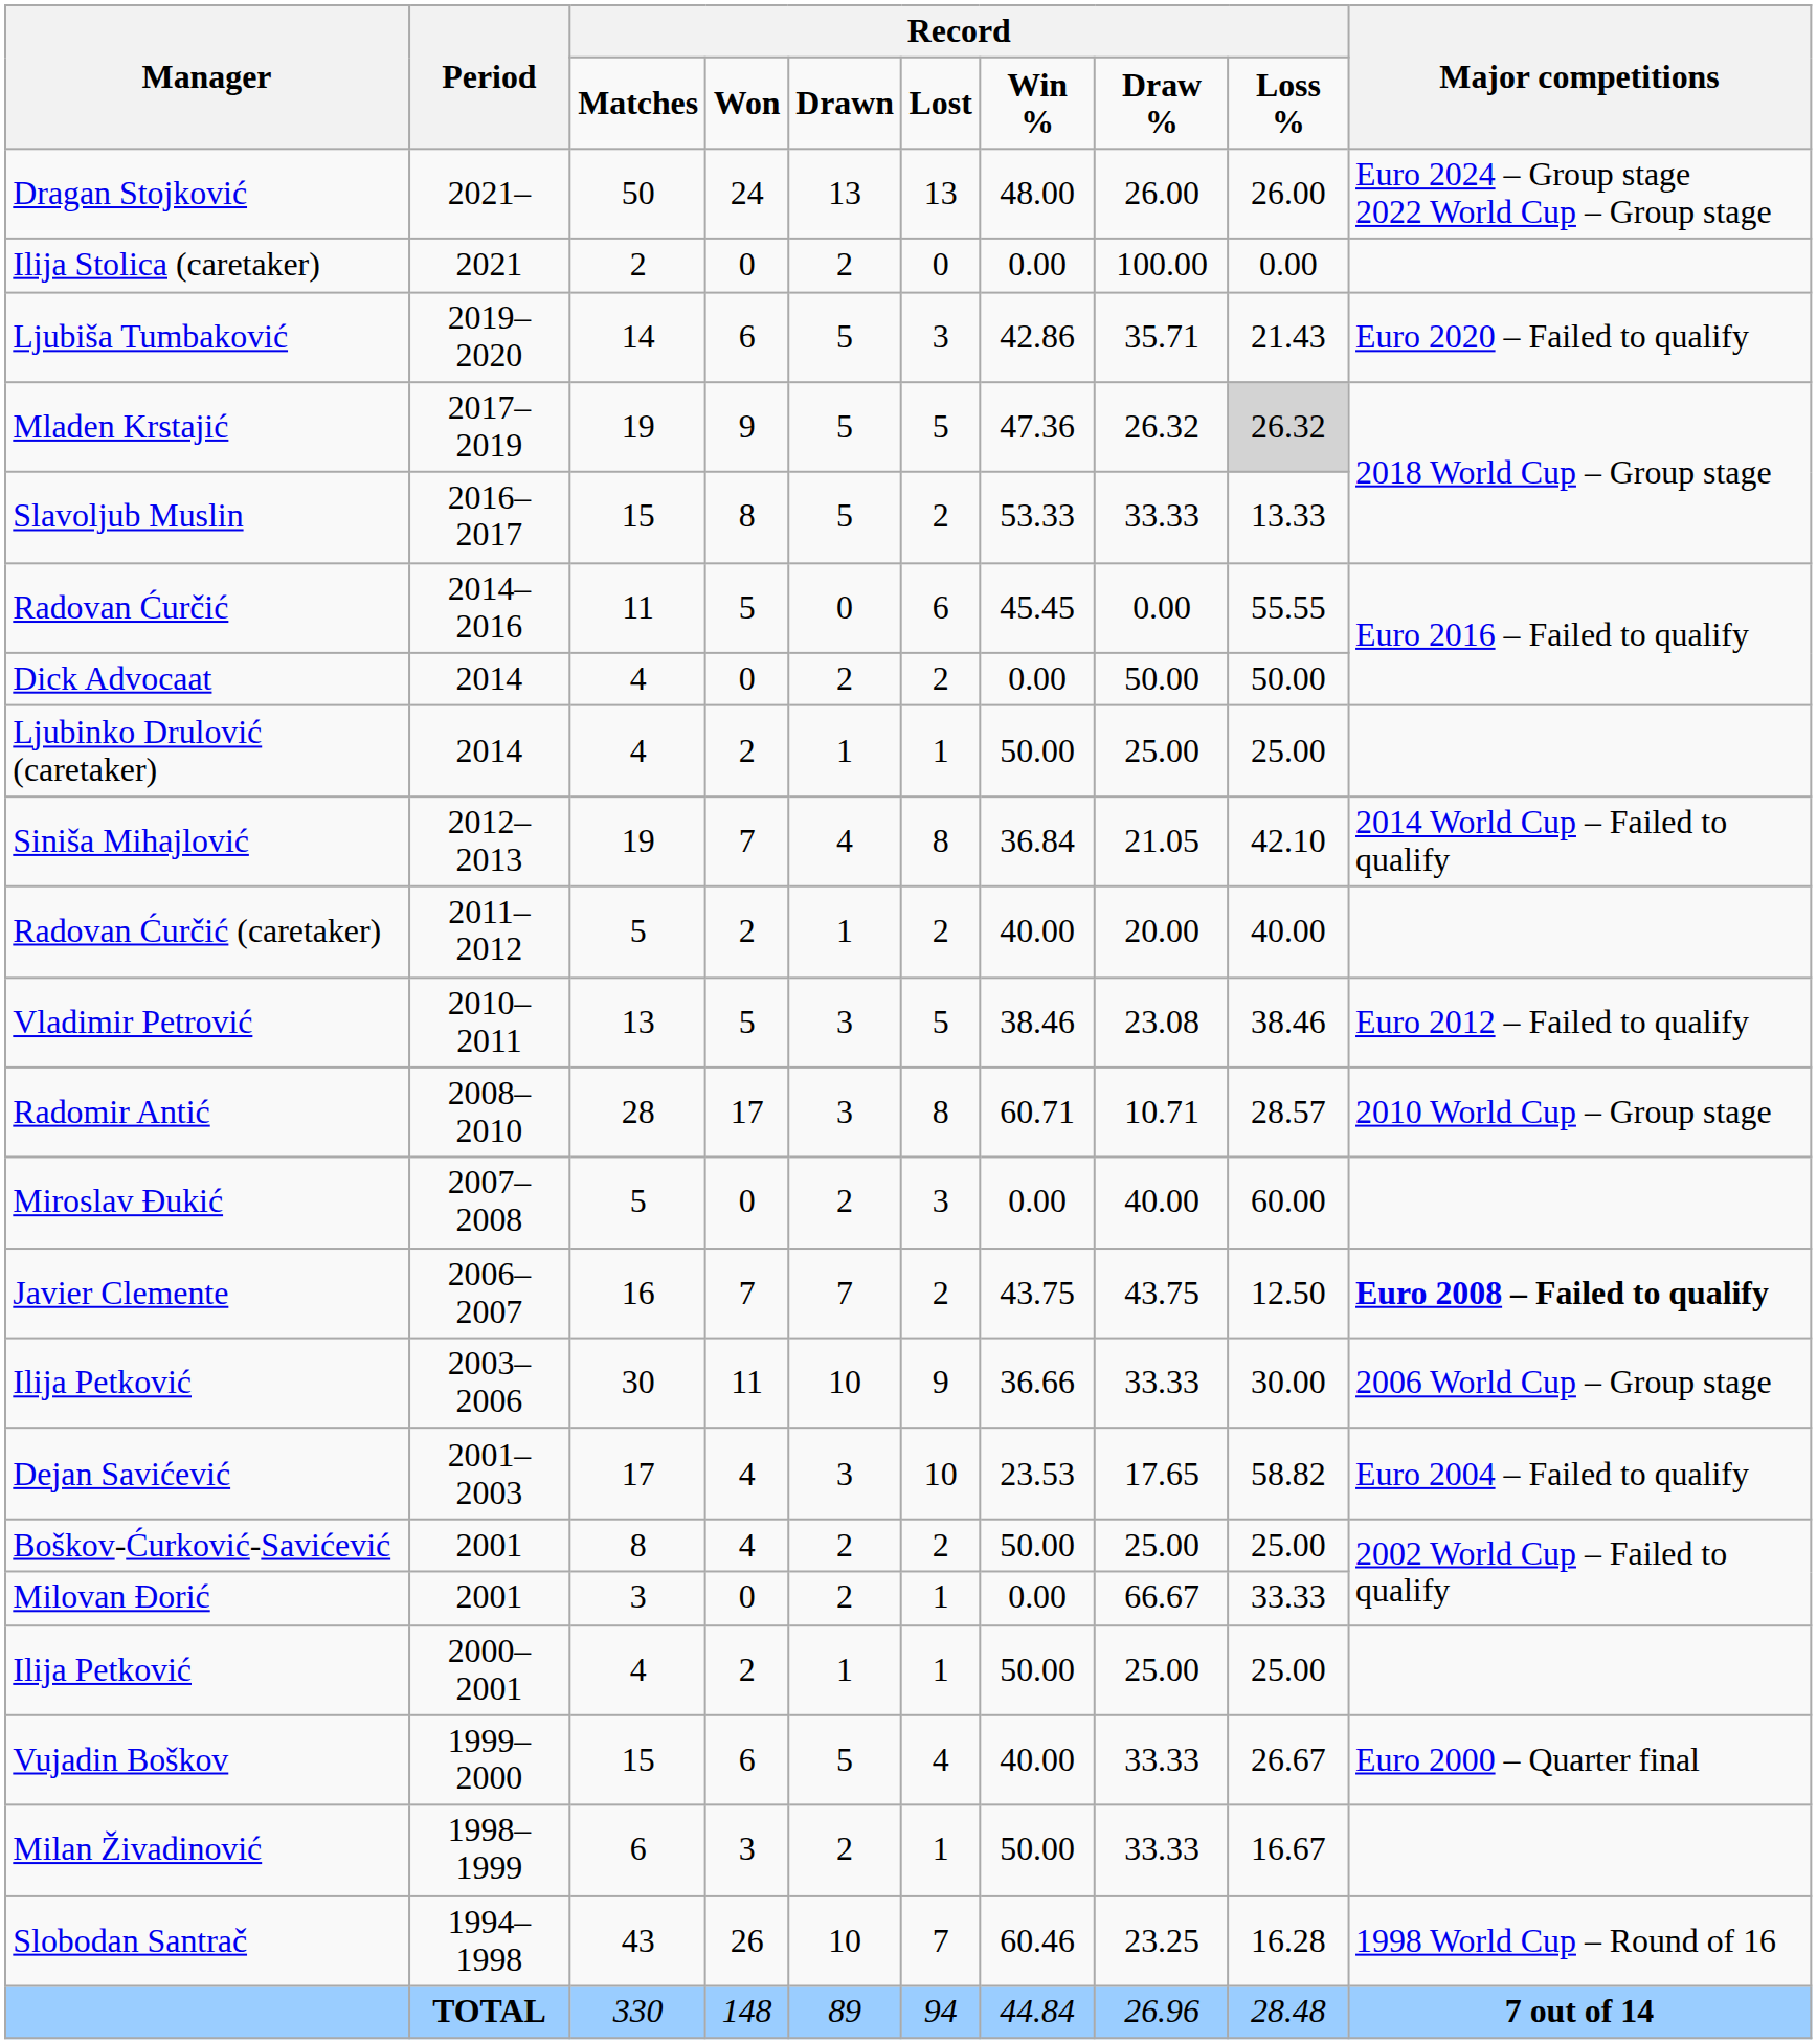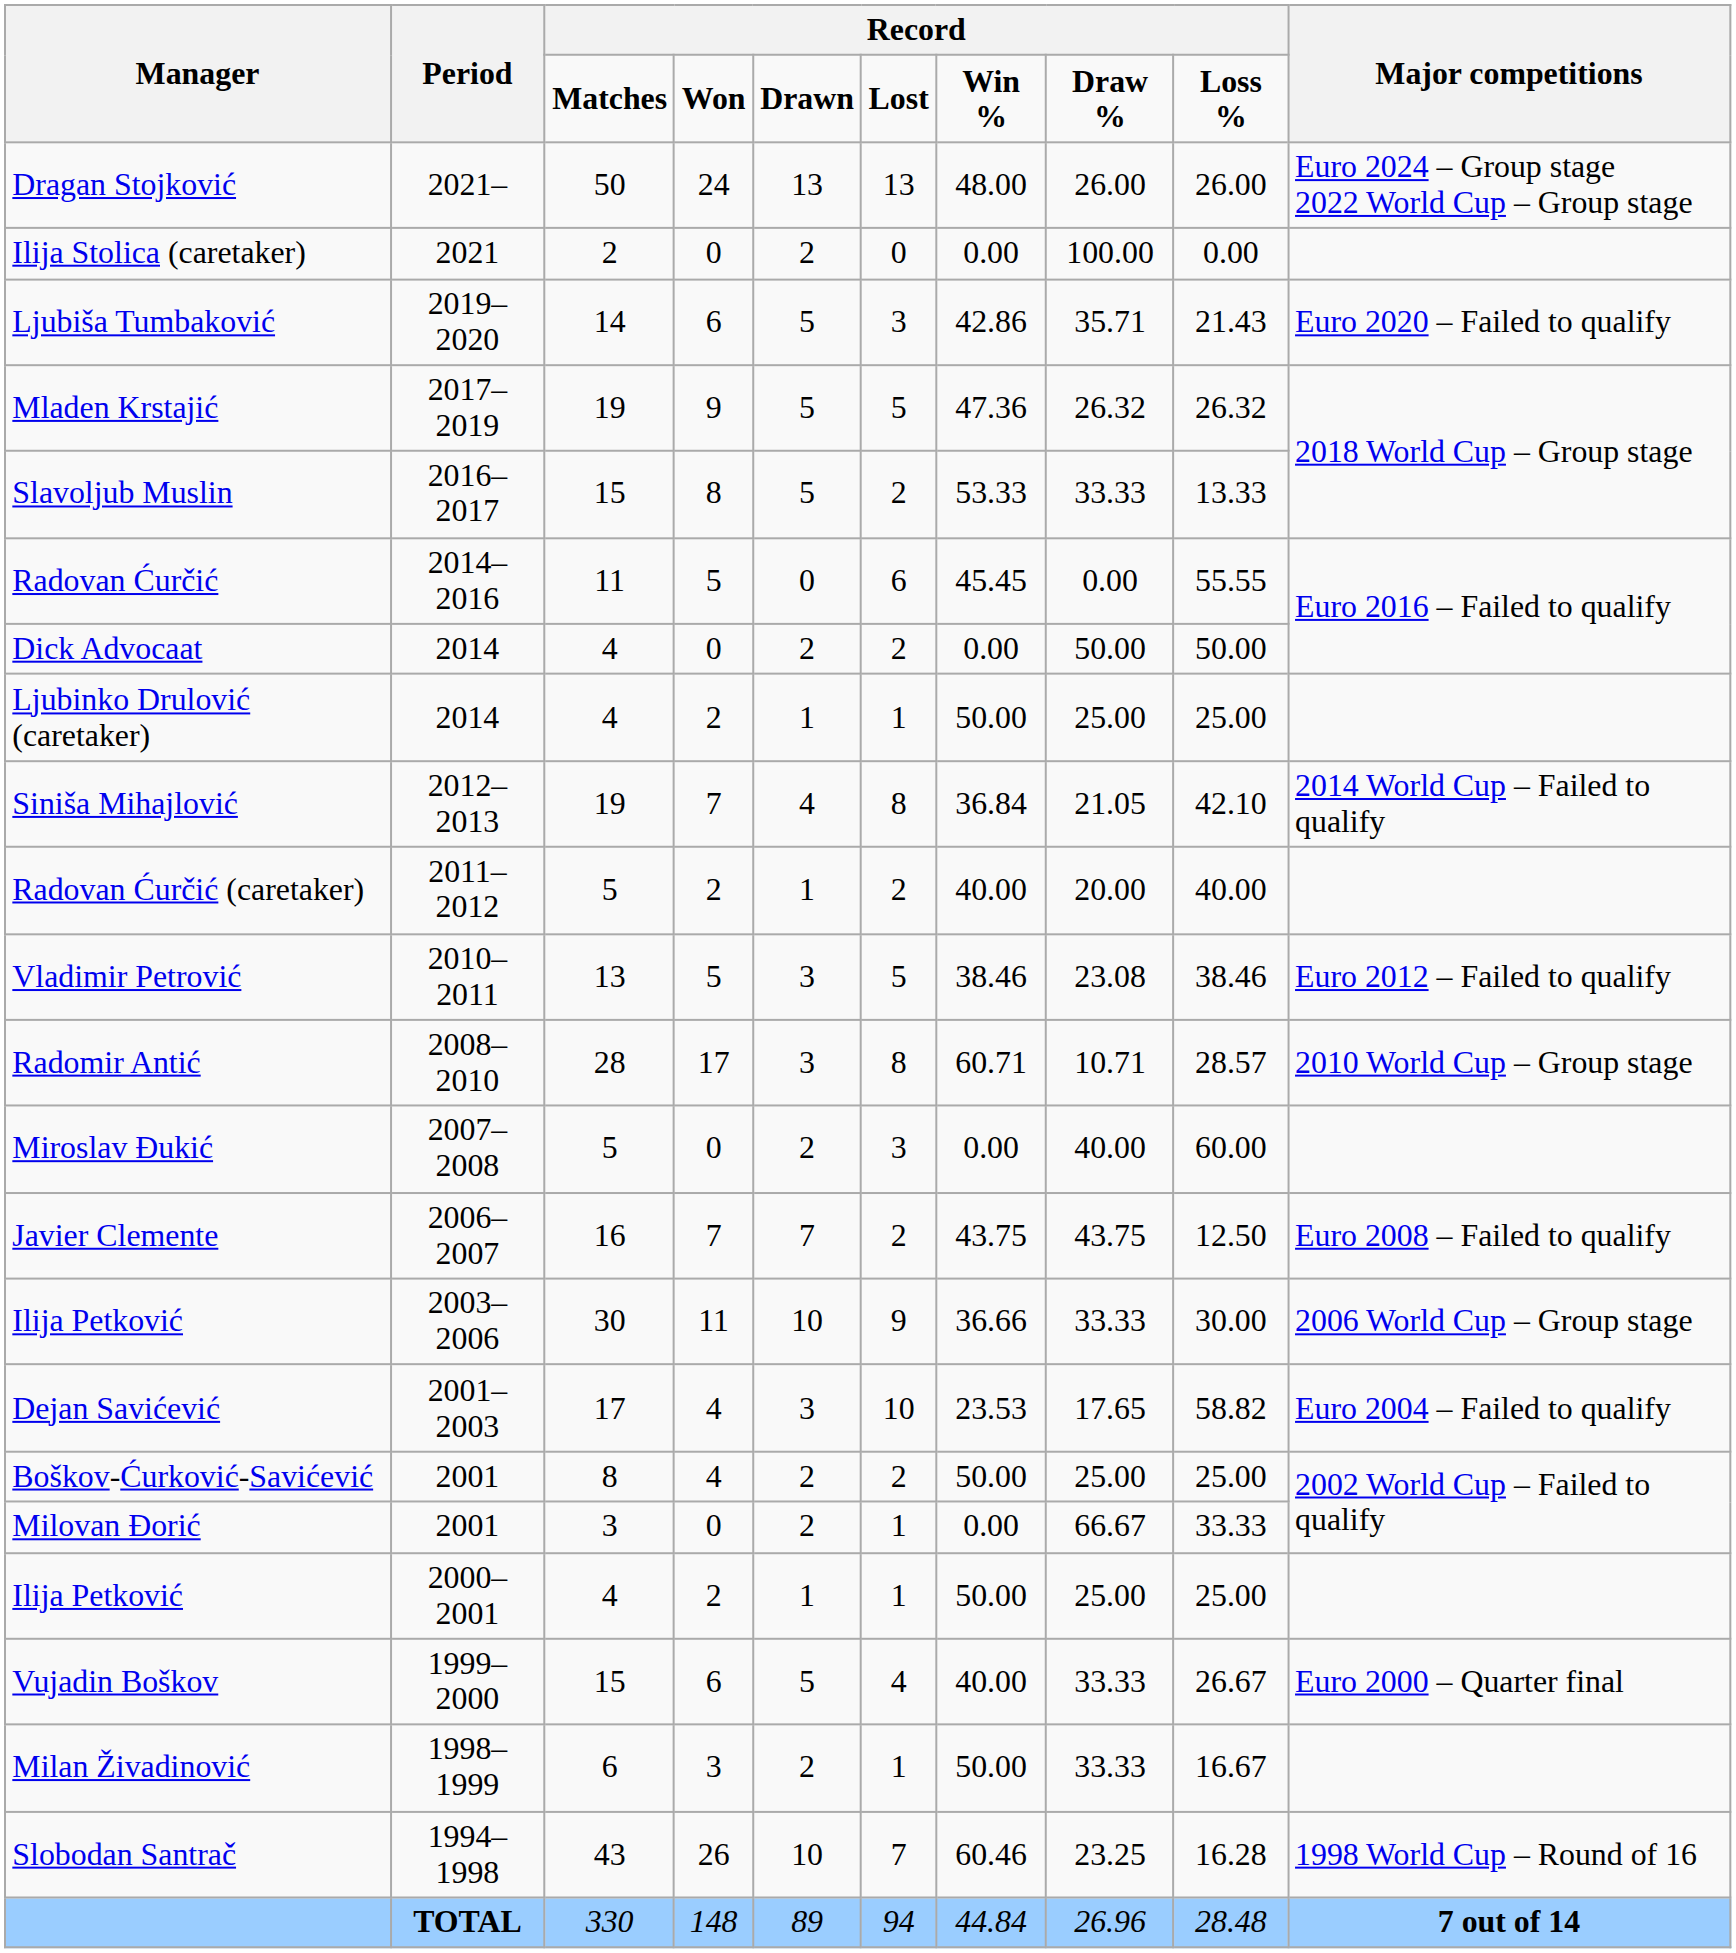 <table class="wikitable" style="text-align: center">
 <tr>
 <th rowspan="2">Manager</th>
 <th rowspan="2">Period</th>
 <th colspan="7">Record</th>
 <th rowspan="2">Major competitions</th>
 </tr>
 <tr>
 <td><strong>Matches</strong></td>
 <td><strong>Won</strong></td>
 <td><strong>Drawn</strong></td>
 <td><strong>Lost</strong></td>
 <td><strong>Win %</strong></td>
 <td><strong>Draw %</strong></td>
 <td><strong>Loss %</strong></td>
 </tr>
 <tr>
 <td align=left> <a href='#'>Dragan Stojković</a></td>
 <td>2021–</td>
 <td>50</td>
 <td>24</td>
 <td>13</td>
 <td>13</td>
 <td>48.00</td>
 <td>26.00</td>
 <td>26.00</td>
 <td align="left"> <a href='#'>Euro 2024</a> – Group stage<br> <a href='#'>2022 World Cup</a> – Group stage</td>
 </tr>
 <tr>
 <td align=left> <a href='#'>Ilija Stolica</a> (caretaker)</td>
 <td>2021</td>
 <td>2</td>
 <td>0</td>
 <td>2</td>
 <td>0</td>
 <td>0.00</td>
 <td>100.00</td>
 <td>0.00</td>
 <td></td>
 </tr>
 <tr>
 <td align=left> <a href='#'>Ljubiša Tumbaković</a></td>
 <td>2019–2020</td>
 <td>14</td>
 <td>6</td>
 <td>5</td>
 <td>3</td>
 <td>42.86</td>
 <td>35.71</td>
 <td>21.43</td>
 <td align=left> <a href='#'>Euro 2020</a> – Failed to qualify</td>
 </tr>
 <tr>
 <td align=left> <a href='#'>Mladen Krstajić</a></td>
 <td>2017–2019</td>
 <td>19</td>
 <td>9</td>
 <td>5</td>
 <td>5</td>
 <td>47.36</td>
 <td>26.32</td>
-<td style="background: lightgrey;">26.32</td>
+<td>26.32</td>
 <td align=left rowspan=2> <a href='#'>2018 World Cup</a> – Group stage</td>
 </tr>
 <tr>
 <td align=left> <a href='#'>Slavoljub Muslin</a></td>
 <td>2016–2017</td>
 <td>15</td>
 <td>8</td>
 <td>5</td>
 <td>2</td>
 <td>53.33</td>
 <td>33.33</td>
 <td>13.33</td>
 </tr>
 <tr>
 <td align=left> <a href='#'>Radovan Ćurčić</a></td>
 <td>2014–2016</td>
 <td>11</td>
 <td>5</td>
 <td>0</td>
 <td>6</td>
 <td>45.45</td>
 <td>0.00</td>
 <td>55.55</td>
 <td align=left rowspan=2> <a href='#'>Euro 2016</a> – Failed to qualify</td>
 </tr>
 <tr>
 <td align=left> <a href='#'>Dick Advocaat</a></td>
 <td>2014</td>
 <td>4</td>
 <td>0</td>
 <td>2</td>
 <td>2</td>
 <td>0.00</td>
 <td>50.00</td>
 <td>50.00</td>
 </tr>
 <tr>
 <td align=left> <a href='#'>Ljubinko Drulović</a> (caretaker)</td>
 <td>2014</td>
 <td>4</td>
 <td>2</td>
 <td>1</td>
 <td>1</td>
 <td>50.00</td>
 <td>25.00</td>
 <td>25.00</td>
 <td></td>
 </tr>
 <tr>
 <td align=left> <a href='#'>Siniša Mihajlović</a></td>
 <td>2012–2013</td>
 <td>19</td>
 <td>7</td>
 <td>4</td>
 <td>8</td>
 <td>36.84</td>
 <td>21.05</td>
 <td>42.10</td>
 <td align=left> <a href='#'>2014 World Cup</a> – Failed to qualify</td>
 </tr>
 <tr>
 <td align=left> <a href='#'>Radovan Ćurčić</a> (caretaker)</td>
 <td>2011–2012</td>
 <td>5</td>
 <td>2</td>
 <td>1</td>
 <td>2</td>
 <td>40.00</td>
 <td>20.00</td>
 <td>40.00</td>
 <td></td>
 </tr>
 <tr>
 <td align=left> <a href='#'>Vladimir Petrović</a></td>
 <td>2010–2011</td>
 <td>13</td>
 <td>5</td>
 <td>3</td>
 <td>5</td>
 <td>38.46</td>
 <td>23.08</td>
 <td>38.46</td>
 <td align=left> <a href='#'>Euro 2012</a> – Failed to qualify</td>
 </tr>
 <tr>
 <td align=left> <a href='#'>Radomir Antić</a></td>
 <td>2008–2010</td>
 <td>28</td>
 <td>17</td>
 <td>3</td>
 <td>8</td>
 <td>60.71</td>
 <td>10.71</td>
 <td>28.57</td>
 <td align=left> <a href='#'>2010 World Cup</a> – Group stage</td>
 </tr>
 <tr>
 <td align=left> <a href='#'>Miroslav Đukić</a></td>
 <td>2007–2008</td>
 <td>5</td>
 <td>0</td>
 <td>2</td>
 <td>3</td>
 <td>0.00</td>
 <td>40.00</td>
 <td>60.00</td>
 <td></td>
 </tr>
 <tr>
 <td align=left> <a href='#'>Javier Clemente</a></td>
 <td>2006–2007</td>
 <td>16</td>
 <td>7</td>
 <td>7</td>
 <td>2</td>
 <td>43.75</td>
 <td>43.75</td>
 <td>12.50</td>
-<td align=left><strong> <a href='#'>Euro 2008</a> – Failed to qualify</strong></td>
+<td align=left> <a href='#'>Euro 2008</a> – Failed to qualify</td>
 </tr>
 <tr>
 <td align=left> <a href='#'>Ilija Petković</a></td>
 <td>2003–2006</td>
 <td>30</td>
 <td>11</td>
 <td>10</td>
 <td>9</td>
 <td>36.66</td>
 <td>33.33</td>
 <td>30.00</td>
 <td align=left> <a href='#'>2006 World Cup</a> – Group stage</td>
 </tr>
 <tr>
 <td align=left> <a href='#'>Dejan Savićević</a></td>
 <td>2001–2003</td>
 <td>17</td>
 <td>4</td>
 <td>3</td>
 <td>10</td>
 <td>23.53</td>
 <td>17.65</td>
 <td>58.82</td>
 <td align=left> <a href='#'>Euro 2004</a> – Failed to qualify</td>
 </tr>
 <tr>
 <td align=left> <a href='#'>Boškov</a>-<a href='#'>Ćurković</a>-<a href='#'>Savićević</a></td>
 <td align=center>2001</td>
 <td>8</td>
 <td>4</td>
 <td>2</td>
 <td>2</td>
 <td>50.00</td>
 <td>25.00</td>
 <td>25.00</td>
 <td align=left rowspan=2> <a href='#'>2002 World Cup</a> – Failed to qualify</td>
 </tr>
 <tr>
 <td align=left> <a href='#'>Milovan Đorić</a></td>
 <td align=center>2001</td>
 <td>3</td>
 <td>0</td>
 <td>2</td>
 <td>1</td>
 <td>0.00</td>
 <td>66.67</td>
 <td>33.33</td>
 </tr>
 <tr>
 <td align=left> <a href='#'>Ilija Petković</a></td>
 <td>2000–2001</td>
 <td>4</td>
 <td>2</td>
 <td>1</td>
 <td>1</td>
 <td>50.00</td>
 <td>25.00</td>
 <td>25.00</td>
 <td></td>
 </tr>
 <tr>
 <td align=left> <a href='#'>Vujadin Boškov</a></td>
 <td>1999–2000</td>
 <td>15</td>
 <td>6</td>
 <td>5</td>
 <td>4</td>
 <td>40.00</td>
 <td>33.33</td>
 <td>26.67</td>
 <td align="left"> <a href='#'>Euro 2000</a> – Quarter final</td>
 </tr>
 <tr>
 <td align=left> <a href='#'>Milan Živadinović</a></td>
 <td>1998–1999</td>
 <td>6</td>
 <td>3</td>
 <td>2</td>
 <td>1</td>
 <td>50.00</td>
 <td>33.33</td>
 <td>16.67</td>
 <td></td>
 </tr>
 <tr>
 <td align=left> <a href='#'>Slobodan Santrač</a></td>
 <td>1994–1998</td>
 <td>43</td>
 <td>26</td>
 <td>10</td>
 <td>7</td>
 <td>60.46</td>
 <td>23.25</td>
 <td>16.28</td>
 <td align=left> <a href='#'>1998 World Cup</a> – Round of 16</td>
 </tr>
 <tr style="background:#9acdff;">
 <td align=left></td>
 <td><strong>TOTAL</strong></td>
 <td><em>330</em></td>
 <td><em>148</em></td>
 <td><em>89</em></td>
 <td><em>94</em></td>
 <td><em>44.84</em></td>
 <td><em>26.96</em></td>
 <td><em>28.48</em></td>
 <td><strong>7 out of 14</strong></td>
 </tr>
 </table>
